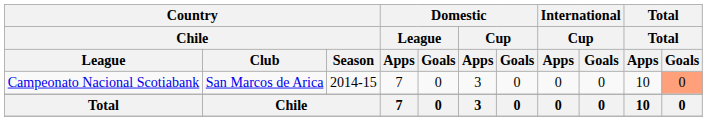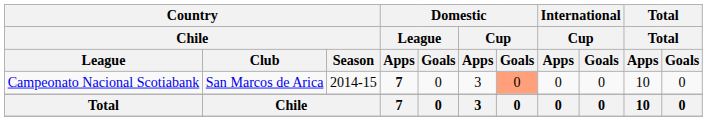 <table class="wikitable" style="text-align:center">
 <tr>
 <th colspan=3>Country</th>
 <th colspan=4>Domestic</th>
 <th colspan=2>International</th>
 <th colspan=2>Total</th>
 </tr>
 <tr>
 <th colspan=3>Chile</th>
 <th colspan=2>League</th>
 <th colspan=2>Cup</th>
 <th colspan=2>Cup</th>
 <th colspan=2>Total</th>
 </tr>
 <tr>
 <th>League</th>
 <th>Club</th>
 <th>Season</th>
 <th>Apps</th>
 <th>Goals</th>
 <th>Apps</th>
 <th>Goals</th>
 <th>Apps</th>
 <th>Goals</th>
 <th>Apps</th>
 <th>Goals</th>
 </tr>
 <tr>
 <td rowspan="1"><a href='#'>Campeonato Nacional Scotiabank</a></td>
 <td rowspan="1"><a href='#'>San Marcos de Arica</a></td>
 <td>2014-15</td>
-<td>7</td>
+<td><strong>7</strong></td>
 <td>0</td>
 <td>3</td>
-<td>0</td>
+<td style="background: lightsalmon;">0</td>
 <td>0</td>
 <td>0</td>
 <td>10</td>
-<td style="background: lightsalmon;">0</td>
+<td>0</td>
 </tr>
 <tr>
 </tr>
 <tr>
 <th rowspan=1>Total</th>
 <th colspan=2>Chile</th>
 <th>7</th>
 <th>0</th>
 <th>3</th>
 <th>0</th>
 <th>0</th>
 <th>0</th>
 <th>10</th>
 <th>0</th>
 </tr>
 <tr>
 </tr>
 </table>
